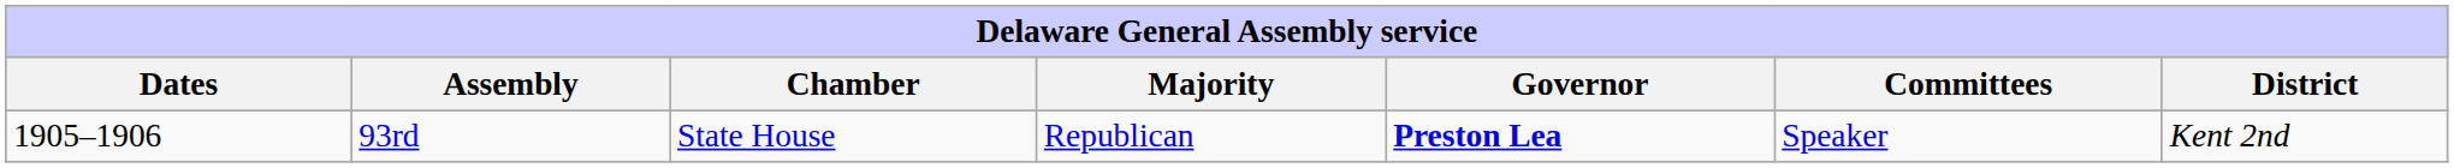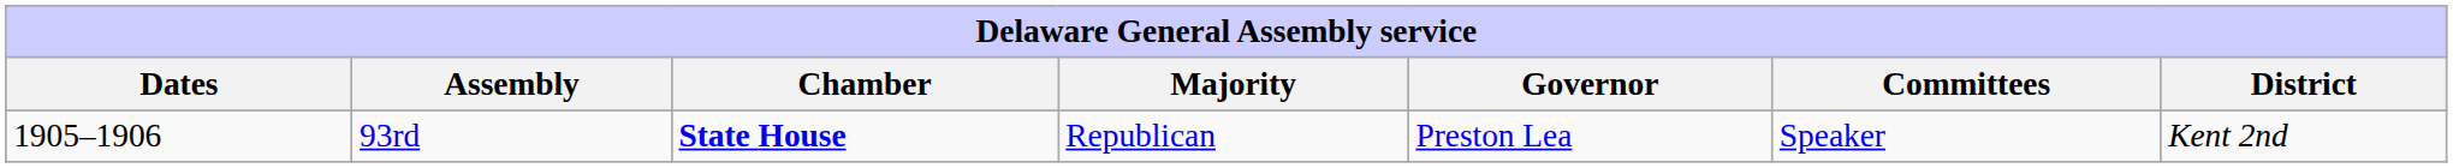 <table class=wikitable style="width: 94%" style="text-align: center;" align="center">
 <tr bgcolor=#cccccc>
 <th colspan=7 style="background: #ccccff;">Delaware General Assembly service</th>
 </tr>
 <tr>
 <th><strong>Dates</strong></th>
 <th><strong>Assembly</strong></th>
 <th><strong>Chamber</strong></th>
 <th><strong>Majority</strong></th>
 <th><strong>Governor</strong></th>
 <th><strong>Committees</strong></th>
 <th><strong>District</strong></th>
 </tr>
 <tr>
 <td>1905–1906</td>
 <td><a href='#'>93rd</a></td>
-<td><a href='#'>State House</a></td>
+<td><strong><a href='#'>State House</a></strong></td>
 <td><a href='#'>Republican</a></td>
-<td><strong><a href='#'>Preston Lea</a></strong></td>
+<td><a href='#'>Preston Lea</a></td>
 <td><a href='#'>Speaker</a></td>
 <td><em>Kent 2nd</em></td>
 </tr>
 </table>
